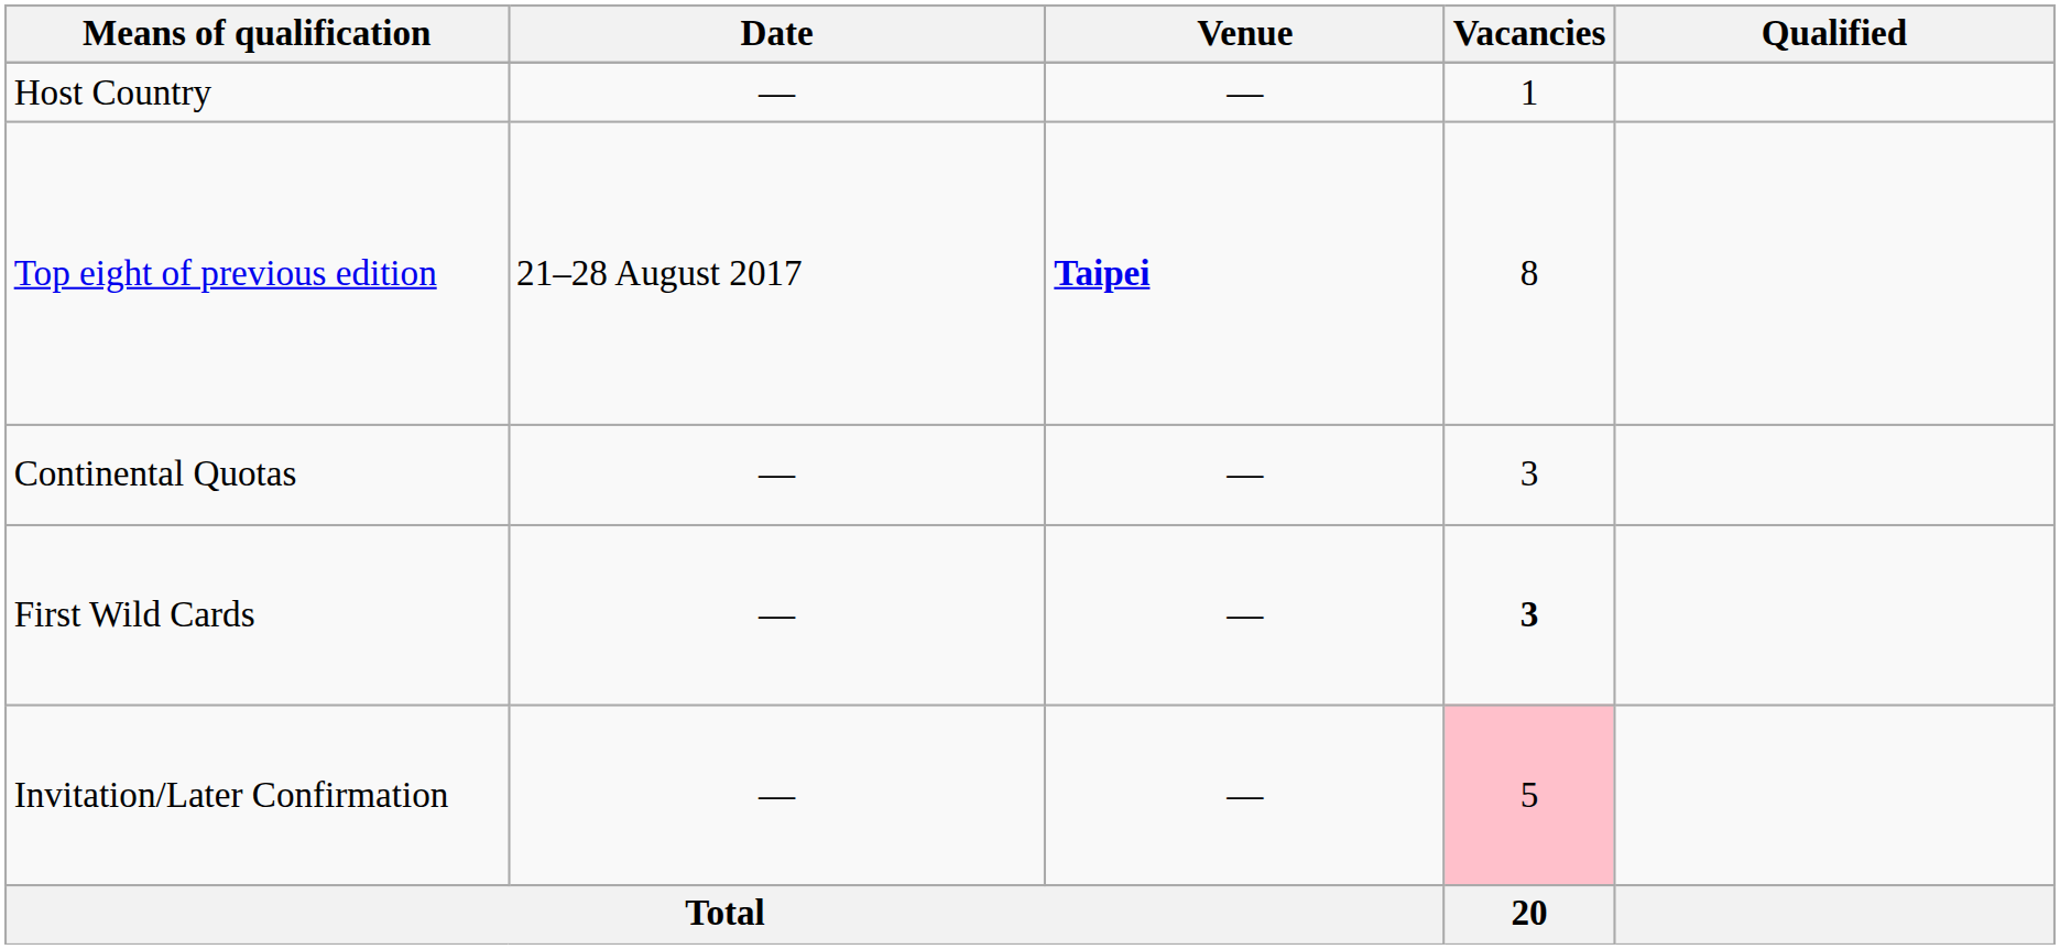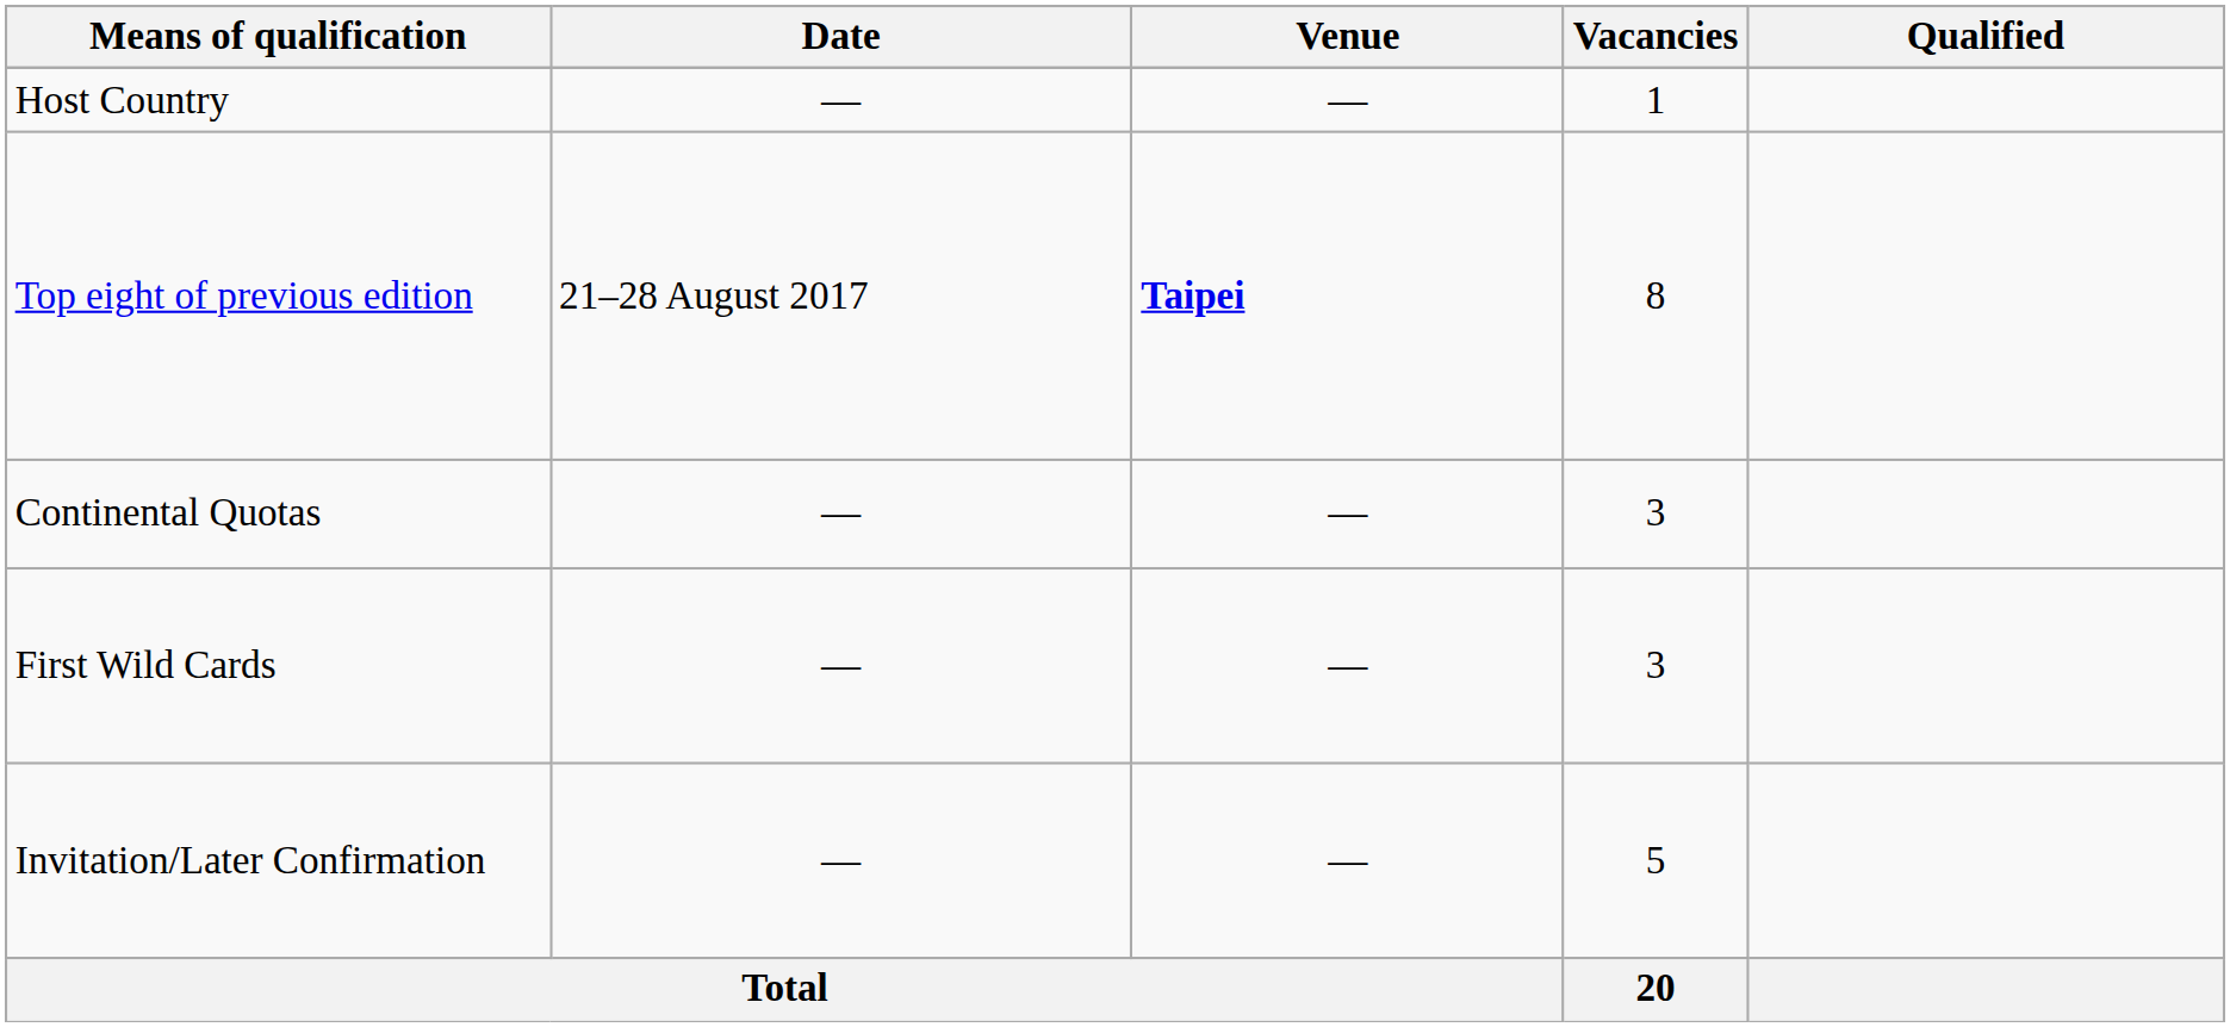 <table class="wikitable" width=900>
 <tr>
 <th width=25%>Means of qualification</th>
 <th width=27%>Date</th>
 <th width=20%>Venue</th>
 <th width=6%>Vacancies</th>
 <th width=22%>Qualified</th>
 </tr>
 <tr>
 </tr>
 <tr>
 <td>Host Country</td>
 <td style="text-align:center;">—</td>
 <td style="text-align:center;">—</td>
 <td style="text-align:center;">1</td>
 <td></td>
 </tr>
 <tr>
 <td><a href='#'>Top eight of previous edition</a></td>
 <td>21–28 August 2017</td>
 <td><strong> <a href='#'>Taipei</a></strong></td>
 <td style="text-align:center;">8</td>
 <td><br><br><br><br><br><br><br></td>
 </tr>
 <tr>
 <td>Continental Quotas</td>
 <td style="text-align:center;">—</td>
 <td style="text-align:center;">—</td>
 <td style="text-align:center;">3</td>
 <td><br><br></td>
 </tr>
 <tr>
 <td>First Wild Cards</td>
 <td style="text-align:center;">—</td>
 <td style="text-align:center;">—</td>
-<td style="text-align:center;"><strong>3</strong></td>
+<td style="text-align:center;">3</td>
 <td><br><br> <br> <s></s><br><s></s></td>
 </tr>
 <tr>
 <td>Invitation/Later Confirmation</td>
 <td style="text-align:center;">—</td>
 <td style="text-align:center;">—</td>
-<td style="background: pink; text-align:center;">5</td>
+<td style="text-align:center;">5</td>
 <td><br><br><br><br></td>
 </tr>
 <tr>
 <th colspan="3">Total</th>
 <th>20</th>
 <th></th>
 </tr>
 </table>
